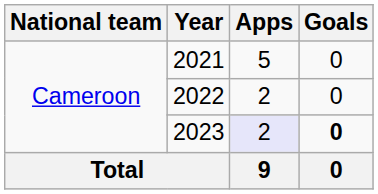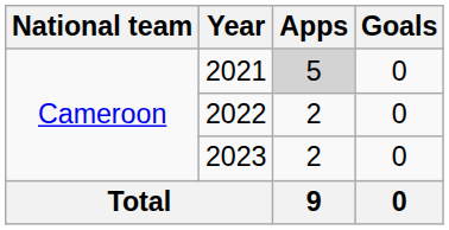 <table class="wikitable" style="text-align:center">
 <tr>
 <th>National team</th>
 <th>Year</th>
 <th>Apps</th>
 <th>Goals</th>
 </tr>
 <tr>
 <td rowspan="3"><a href='#'>Cameroon</a></td>
 <td>2021</td>
-<td>5</td>
+<td style="background: lightgrey;">5</td>
 <td>0</td>
 </tr>
 <tr>
 <td>2022</td>
 <td>2</td>
 <td>0</td>
 </tr>
 <tr>
 <td>2023</td>
-<td style="background: lavender;">2</td>
-<td><strong>0</strong></td>
+<td>2</td>
+<td>0</td>
 </tr>
 <tr>
 <th colspan="2">Total</th>
 <th>9</th>
 <th>0</th>
 </tr>
 </table>
